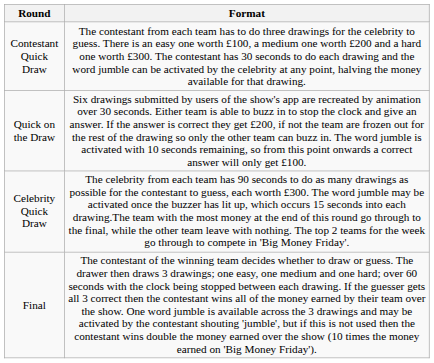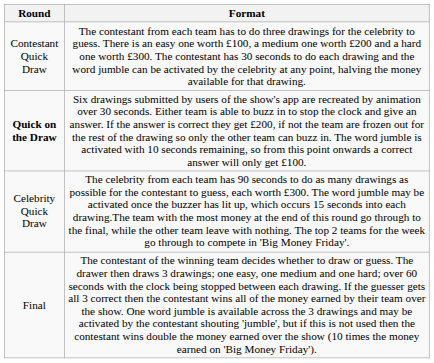 <table class="wikitable" style="text-align:center;">
 <tr>
 <th>Round</th>
 <th>Format</th>
 </tr>
 <tr>
 <td>Contestant Quick Draw</td>
 <td>The contestant from each team has to do three drawings for the celebrity to guess. There is an easy one worth £100, a medium one worth £200 and a hard one worth £300. The contestant has 30 seconds to do each drawing and the word jumble can be activated by the celebrity at any point, halving the money available for that drawing.</td>
 </tr>
 <tr>
-<td>Quick on the Draw</td>
+<td><strong>Quick on the Draw</strong></td>
 <td>Six drawings submitted by users of the show's app are recreated by animation over 30 seconds. Either team is able to buzz in to stop the clock and give an answer. If the answer is correct they get £200, if not the team are frozen out for the rest of the drawing so only the other team can buzz in. The word jumble is activated with 10 seconds remaining, so from this point onwards a correct answer will only get £100.</td>
 </tr>
 <tr>
 <td>Celebrity Quick Draw</td>
 <td>The celebrity from each team has 90 seconds to do as many drawings as possible for the contestant to guess, each worth £300. The word jumble may be activated once the buzzer has lit up, which occurs 15 seconds into each drawing.The team with the most money at the end of this round go through to the final, while the other team leave with nothing. The top 2 teams for the week go through to compete in 'Big Money Friday'.</td>
 </tr>
 <tr>
 <td>Final</td>
 <td>The contestant of the winning team decides whether to draw or guess. The drawer then draws 3 drawings; one easy, one medium and one hard; over 60 seconds with the clock being stopped between each drawing. If the guesser gets all 3 correct then the contestant wins all of the money earned by their team over the show. One word jumble is available across the 3 drawings and may be activated by the contestant shouting 'jumble', but if this is not used then the contestant wins double the money earned over the show (10 times the money earned on 'Big Money Friday').</td>
 </tr>
 </table>
